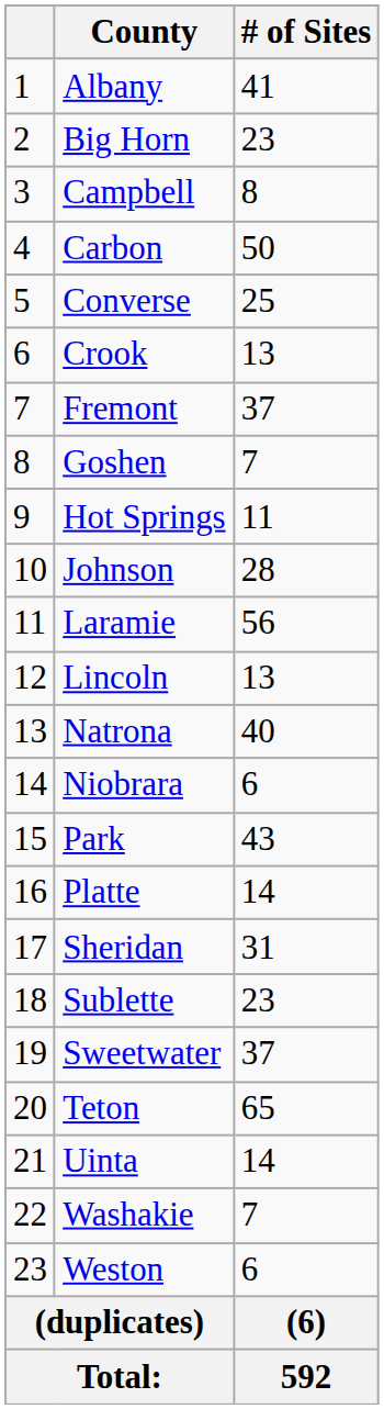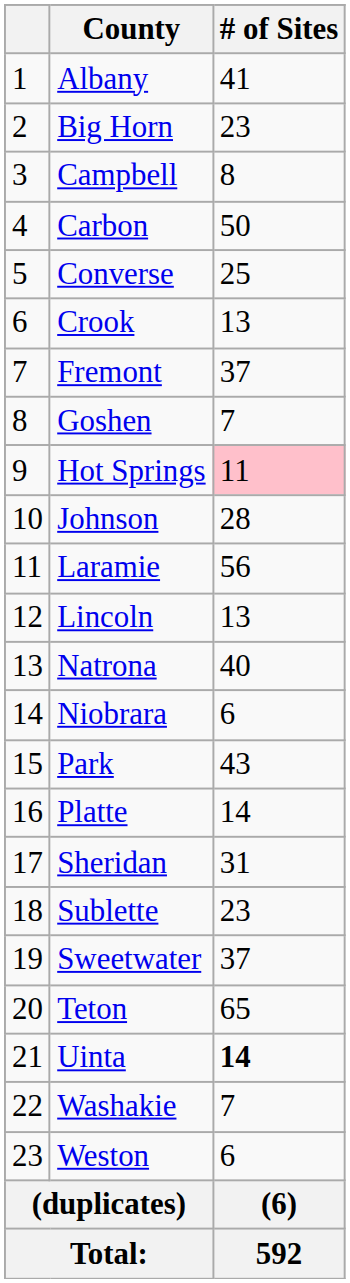 <table class="wikitable sortable">
 <tr>
 <th></th>
 <th><strong>County</strong></th>
 <th><strong># of Sites</strong></th>
 </tr>
 <tr ->
 <td>1</td>
 <td><a href='#'>Albany</a></td>
 <td>41</td>
 </tr>
 <tr ->
 <td>2</td>
 <td><a href='#'>Big Horn</a></td>
 <td>23</td>
 </tr>
 <tr ->
 <td>3</td>
 <td><a href='#'>Campbell</a></td>
 <td>8</td>
 </tr>
 <tr ->
 <td>4</td>
 <td><a href='#'>Carbon</a></td>
 <td>50</td>
 </tr>
 <tr ->
 <td>5</td>
 <td><a href='#'>Converse</a></td>
 <td>25</td>
 </tr>
 <tr ->
 <td>6</td>
 <td><a href='#'>Crook</a></td>
 <td>13</td>
 </tr>
 <tr ->
 <td>7</td>
 <td><a href='#'>Fremont</a></td>
 <td>37</td>
 </tr>
 <tr ->
 <td>8</td>
 <td><a href='#'>Goshen</a></td>
 <td>7</td>
 </tr>
 <tr ->
 <td>9</td>
 <td><a href='#'>Hot Springs</a></td>
-<td>11</td>
+<td style="background: pink;">11</td>
 </tr>
 <tr ->
 <td>10</td>
 <td><a href='#'>Johnson</a></td>
 <td>28</td>
 </tr>
 <tr ->
 <td>11</td>
 <td><a href='#'>Laramie</a></td>
 <td>56</td>
 </tr>
 <tr ->
 <td>12</td>
 <td><a href='#'>Lincoln</a></td>
 <td>13</td>
 </tr>
 <tr ->
 <td>13</td>
 <td><a href='#'>Natrona</a></td>
 <td>40</td>
 </tr>
 <tr ->
 <td>14</td>
 <td><a href='#'>Niobrara</a></td>
 <td>6</td>
 </tr>
 <tr ->
 <td>15</td>
 <td><a href='#'>Park</a></td>
 <td>43</td>
 </tr>
 <tr ->
 <td>16</td>
 <td><a href='#'>Platte</a></td>
 <td>14</td>
 </tr>
 <tr ->
 <td>17</td>
 <td><a href='#'>Sheridan</a></td>
 <td>31</td>
 </tr>
 <tr ->
 <td>18</td>
 <td><a href='#'>Sublette</a></td>
 <td>23</td>
 </tr>
 <tr ->
 <td>19</td>
 <td><a href='#'>Sweetwater</a></td>
 <td>37</td>
 </tr>
 <tr ->
 <td>20</td>
 <td><a href='#'>Teton</a></td>
 <td>65</td>
 </tr>
 <tr ->
 <td>21</td>
 <td><a href='#'>Uinta</a></td>
-<td>14</td>
+<td><strong>14</strong></td>
 </tr>
 <tr ->
 <td>22</td>
 <td><a href='#'>Washakie</a></td>
 <td>7</td>
 </tr>
 <tr ->
 <td>23</td>
 <td><a href='#'>Weston</a></td>
 <td>6</td>
 </tr>
 <tr class="sortbottom">
 <th colspan="2">(duplicates)</th>
 <th>(6)</th>
 </tr>
 <tr class="sortbottom">
 <th colspan="2">Total:</th>
 <th>592</th>
 </tr>
 </table>
